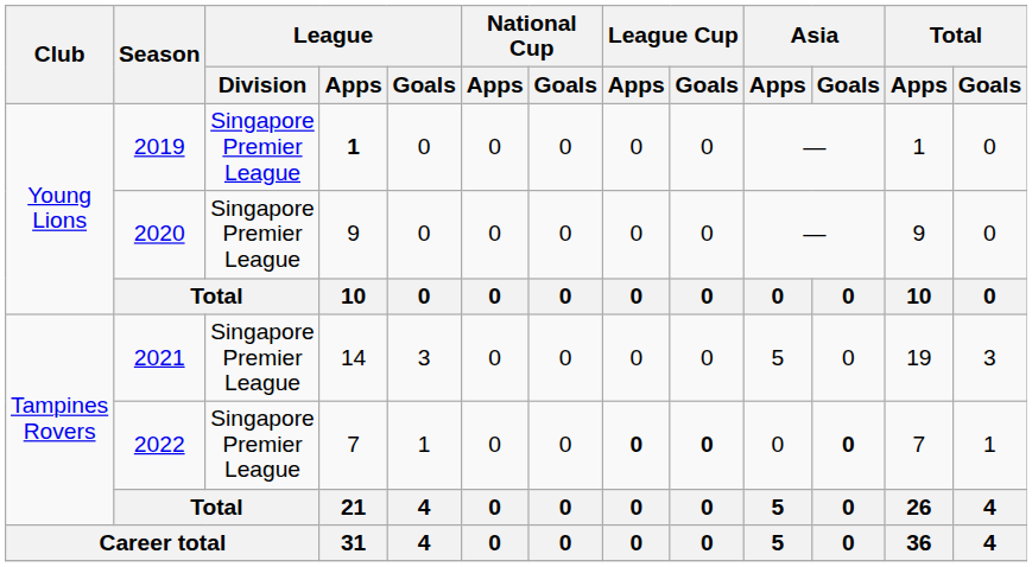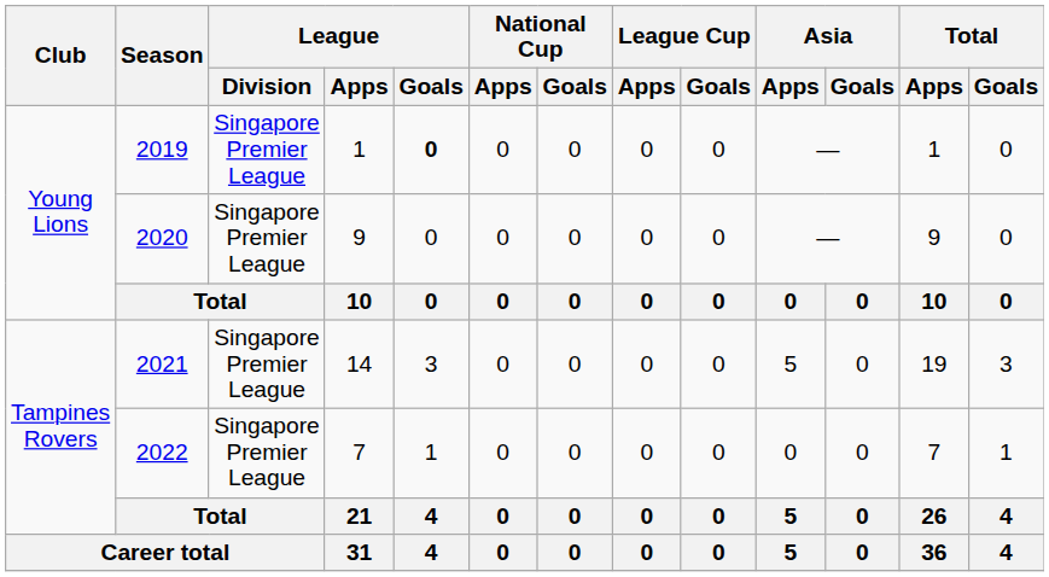 <table class=wikitable style=text-align:center>
 <tr>
 <th rowspan=2>Club</th>
 <th rowspan=2>Season</th>
 <th colspan=3>League</th>
 <th colspan=2>National Cup</th>
 <th colspan=2>League Cup</th>
 <th colspan=2>Asia</th>
 <th colspan=2>Total</th>
 </tr>
 <tr>
 <th>Division</th>
 <th>Apps</th>
 <th>Goals</th>
 <th>Apps</th>
 <th>Goals</th>
 <th>Apps</th>
 <th>Goals</th>
 <th>Apps</th>
 <th>Goals</th>
 <th>Apps</th>
 <th>Goals</th>
 </tr>
 <tr>
 <td rowspan="3"><a href='#'>Young Lions</a></td>
 <td><a href='#'>2019</a></td>
 <td><a href='#'>Singapore Premier League</a></td>
-<td><strong>1</strong></td>
-<td>0</td>
+<td>1</td>
+<td><strong>0</strong></td>
 <td>0</td>
 <td>0</td>
 <td>0</td>
 <td>0</td>
 <td colspan='2'>—</td>
 <td>1</td>
 <td>0</td>
 </tr>
 <tr>
 <td><a href='#'>2020</a></td>
 <td>Singapore Premier League</td>
 <td>9</td>
 <td>0</td>
 <td>0</td>
 <td>0</td>
 <td>0</td>
 <td>0</td>
 <td colspan='2'>—</td>
 <td>9</td>
 <td>0</td>
 </tr>
 <tr>
 <th colspan="2">Total</th>
 <th>10</th>
 <th>0</th>
 <th>0</th>
 <th>0</th>
 <th>0</th>
 <th>0</th>
 <th>0</th>
 <th>0</th>
 <th>10</th>
 <th>0</th>
 </tr>
 <tr>
 <td rowspan="3"><a href='#'>Tampines Rovers</a></td>
 <td><a href='#'>2021</a></td>
 <td>Singapore Premier League</td>
 <td>14</td>
 <td>3</td>
 <td>0</td>
 <td>0</td>
 <td>0</td>
 <td>0</td>
 <td>5</td>
 <td>0</td>
 <td>19</td>
 <td>3</td>
 </tr>
 <tr>
 <td><a href='#'>2022</a></td>
 <td>Singapore Premier League</td>
 <td>7</td>
 <td>1</td>
 <td>0</td>
 <td>0</td>
-<td><strong>0</strong></td>
-<td><strong>0</strong></td>
 <td>0</td>
-<td><strong>0</strong></td>
+<td>0</td>
+<td>0</td>
+<td>0</td>
 <td>7</td>
 <td>1</td>
 </tr>
 <tr>
 <th colspan="2">Total</th>
 <th>21</th>
 <th>4</th>
 <th>0</th>
 <th>0</th>
 <th>0</th>
 <th>0</th>
 <th>5</th>
 <th>0</th>
 <th>26</th>
 <th>4</th>
 </tr>
 <tr>
 <th colspan="3">Career total</th>
 <th>31</th>
 <th>4</th>
 <th>0</th>
 <th>0</th>
 <th>0</th>
 <th>0</th>
 <th>5</th>
 <th>0</th>
 <th>36</th>
 <th>4</th>
 </tr>
 <tr>
 </tr>
 </table>
